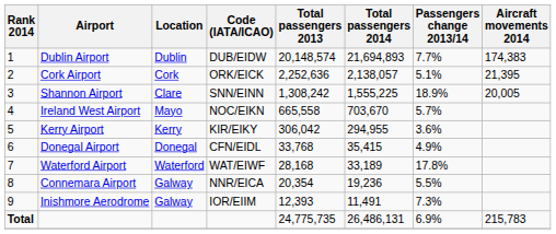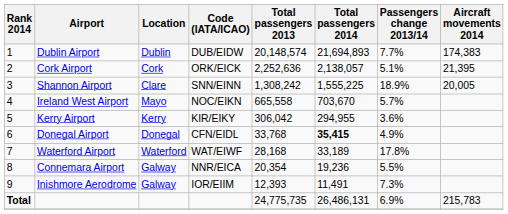 <table class="wikitable sortable">
 <tr>
 <th>Rank<br>2014</th>
 <th>Airport</th>
 <th>Location</th>
 <th>Code<br>(IATA/ICAO)</th>
 <th>Total<br>passengers<br>2013</th>
 <th>Total<br>passengers<br>2014</th>
 <th>Passengers<br>change<br>2013/14</th>
 <th>Aircraft<br>movements<br>2014</th>
 </tr>
 <tr>
 <td>1</td>
 <td><a href='#'>Dublin Airport</a></td>
 <td><a href='#'>Dublin</a></td>
 <td>DUB/EIDW</td>
 <td>20,148,574</td>
 <td>21,694,893</td>
 <td> 7.7%</td>
 <td>174,383</td>
 </tr>
 <tr>
 <td>2</td>
 <td><a href='#'>Cork Airport</a></td>
 <td><a href='#'>Cork</a></td>
 <td>ORK/EICK</td>
 <td>2,252,636</td>
 <td>2,138,057</td>
 <td> 5.1%</td>
 <td>21,395</td>
 </tr>
 <tr>
 <td>3</td>
 <td><a href='#'>Shannon Airport</a></td>
 <td><a href='#'>Clare</a></td>
 <td>SNN/EINN</td>
 <td>1,308,242</td>
 <td>1,555,225</td>
 <td> 18.9%</td>
 <td>20,005</td>
 </tr>
 <tr>
 <td>4</td>
 <td><a href='#'>Ireland West Airport</a></td>
 <td><a href='#'>Mayo</a></td>
 <td>NOC/EIKN</td>
 <td>665,558</td>
 <td>703,670</td>
 <td> 5.7%</td>
 <td></td>
 </tr>
 <tr>
 <td>5</td>
 <td><a href='#'>Kerry Airport</a></td>
 <td><a href='#'>Kerry</a></td>
 <td>KIR/EIKY</td>
 <td>306,042</td>
 <td>294,955</td>
 <td> 3.6%</td>
 <td></td>
 </tr>
 <tr>
 <td>6</td>
 <td><a href='#'>Donegal Airport</a></td>
 <td><a href='#'>Donegal</a></td>
 <td>CFN/EIDL</td>
 <td>33,768</td>
-<td>35,415</td>
+<td><strong>35,415</strong></td>
 <td> 4.9%</td>
 <td></td>
 </tr>
 <tr>
 <td>7</td>
 <td><a href='#'>Waterford Airport</a></td>
 <td><a href='#'>Waterford</a></td>
 <td>WAT/EIWF</td>
 <td>28,168</td>
 <td>33,189</td>
 <td> 17.8%</td>
 <td></td>
 </tr>
 <tr>
 <td>8</td>
 <td><a href='#'>Connemara Airport</a></td>
 <td><a href='#'>Galway</a></td>
 <td>NNR/EICA</td>
 <td>20,354</td>
 <td>19,236</td>
 <td> 5.5%</td>
 <td></td>
 </tr>
 <tr>
 <td>9</td>
 <td><a href='#'>Inishmore Aerodrome</a></td>
 <td><a href='#'>Galway</a></td>
 <td>IOR/EIIM</td>
 <td>12,393</td>
 <td>11,491</td>
 <td> 7.3%</td>
 <td></td>
 </tr>
 <tr>
 <td><strong>Total</strong></td>
 <td></td>
 <td></td>
 <td></td>
 <td>24,775,735</td>
 <td>26,486,131</td>
 <td> 6.9%</td>
 <td>215,783</td>
 </tr>
 <tr>
 </tr>
 </table>
